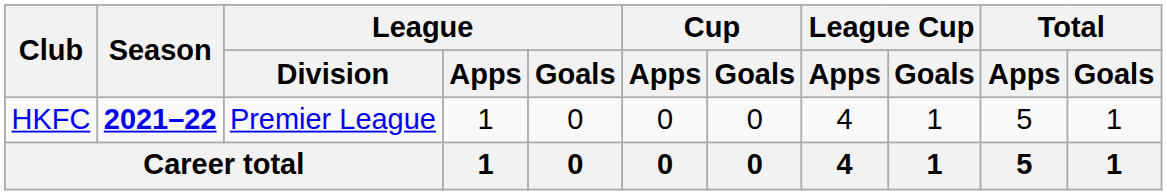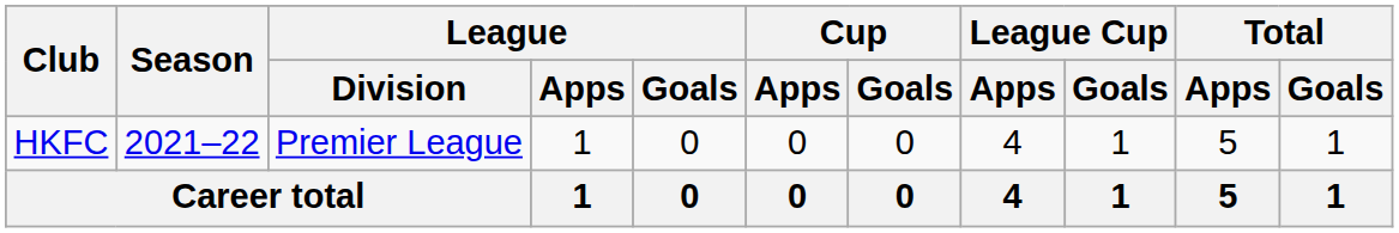 <table class="wikitable" style="text-align: center">
 <tr>
 <th rowspan="2">Club</th>
 <th rowspan="2">Season</th>
 <th colspan="3">League</th>
 <th colspan="2">Cup</th>
 <th colspan="2">League Cup</th>
 <th colspan="2">Total</th>
 </tr>
 <tr>
 <th>Division</th>
 <th>Apps</th>
 <th>Goals</th>
 <th>Apps</th>
 <th>Goals</th>
 <th>Apps</th>
 <th>Goals</th>
 <th>Apps</th>
 <th>Goals</th>
 </tr>
 <tr>
 <td><a href='#'>HKFC</a></td>
-<td><strong><a href='#'>2021–22</a></strong></td>
+<td><a href='#'>2021–22</a></td>
 <td><a href='#'>Premier League</a></td>
 <td>1</td>
 <td>0</td>
 <td>0</td>
 <td>0</td>
 <td>4</td>
 <td>1</td>
 <td>5</td>
 <td>1</td>
 </tr>
 <tr>
 <th colspan="3">Career total</th>
 <th>1</th>
 <th>0</th>
 <th>0</th>
 <th>0</th>
 <th>4</th>
 <th>1</th>
 <th>5</th>
 <th>1</th>
 </tr>
 </table>
